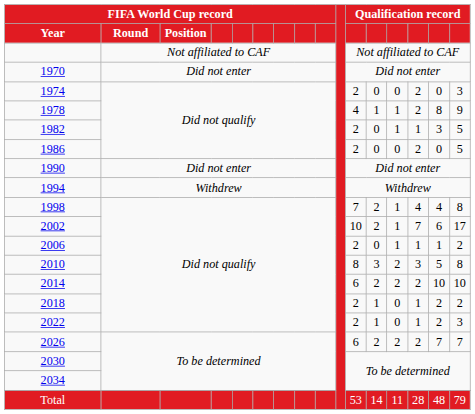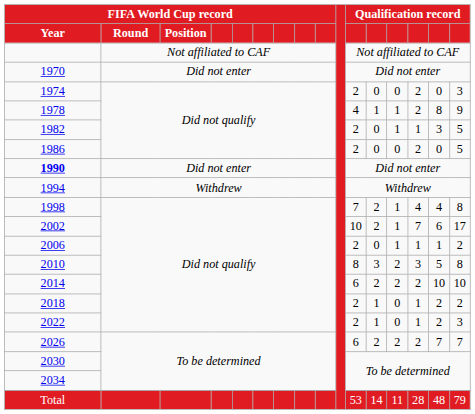 <table class="wikitable" style=text-align:center;">
 <tr style="color:white;">
 <th style="background:#e11b22;" colspan=9>FIFA World Cup record</th>
 <th style="width:2%; background:#e11b22;" rowspan="28"></th>
 <th style="background:#e11b22;" colspan=7>Qualification record</th>
 </tr>
 <tr style="color:white;">
 <th style="width:120px; background:#e11b22;">Year</th>
 <th style="width:70px; background:#e11b22;">Round</th>
 <th style="width:60px; background:#e11b22;">Position</th>
 <th style="width:20px; background:#e11b22;"></th>
 <th style="width:20px; background:#e11b22;"></th>
 <th style="width:20px; background:#e11b22;"></th>
 <th style="width:20px; background:#e11b22;"></th>
 <th style="width:20px; background:#e11b22;"></th>
 <th style="width:20px; background:#e11b22;"></th>
 <th style="width:20px; background:#e11b22;"></th>
 <th style="width:20px; background:#e11b22;"></th>
 <th style="width:20px; background:#e11b22;"></th>
 <th style="width:20px; background:#e11b22;"></th>
 <th style="width:20px; background:#e11b22;"></th>
 <th style="width:20px; background:#e11b22;"></th>
 </tr>
 <tr>
 <td></td>
 <td colspan=8><em>Not affiliated to CAF</em></td>
 <td colspan=6><em>Not affiliated to CAF</em></td>
 </tr>
 <tr>
 <td> <a href='#'>1970</a></td>
 <td colspan=8><em>Did not enter</em></td>
 <td colspan=6><em>Did not enter</em></td>
 </tr>
 <tr>
 <td> <a href='#'>1974</a></td>
 <td rowspan=4 colspan=8><em>Did not qualify</em></td>
 <td>2</td>
 <td>0</td>
 <td>0</td>
 <td>2</td>
 <td>0</td>
 <td>3</td>
 </tr>
 <tr>
 <td> <a href='#'>1978</a></td>
 <td>4</td>
 <td>1</td>
 <td>1</td>
 <td>2</td>
 <td>8</td>
 <td>9</td>
 </tr>
 <tr>
 <td> <a href='#'>1982</a></td>
 <td>2</td>
 <td>0</td>
 <td>1</td>
 <td>1</td>
 <td>3</td>
 <td>5</td>
 </tr>
 <tr>
 <td> <a href='#'>1986</a></td>
 <td>2</td>
 <td>0</td>
 <td>0</td>
 <td>2</td>
 <td>0</td>
 <td>5</td>
 </tr>
 <tr>
-<td> <a href='#'>1990</a></td>
+<td><strong> <a href='#'>1990</a></strong></td>
 <td colspan=8><em>Did not enter</em></td>
 <td colspan=6><em>Did not enter</em></td>
 </tr>
 <tr>
 <td> <a href='#'>1994</a></td>
 <td colspan=8><em>Withdrew</em></td>
 <td colspan=6><em>Withdrew</em></td>
 </tr>
 <tr>
 <td> <a href='#'>1998</a></td>
 <td rowspan=7 colspan=8><em>Did not qualify</em></td>
 <td>7</td>
 <td>2</td>
 <td>1</td>
 <td>4</td>
 <td>4</td>
 <td>8</td>
 </tr>
 <tr>
 <td>  <a href='#'>2002</a></td>
 <td>10</td>
 <td>2</td>
 <td>1</td>
 <td>7</td>
 <td>6</td>
 <td>17</td>
 </tr>
 <tr>
 <td> <a href='#'>2006</a></td>
 <td>2</td>
 <td>0</td>
 <td>1</td>
 <td>1</td>
 <td>1</td>
 <td>2</td>
 </tr>
 <tr>
 <td> <a href='#'>2010</a></td>
 <td>8</td>
 <td>3</td>
 <td>2</td>
 <td>3</td>
 <td>5</td>
 <td>8</td>
 </tr>
 <tr>
 <td> <a href='#'>2014</a></td>
 <td>6</td>
 <td>2</td>
 <td>2</td>
 <td>2</td>
 <td>10</td>
 <td>10</td>
 </tr>
 <tr>
 <td> <a href='#'>2018</a></td>
 <td>2</td>
 <td>1</td>
 <td>0</td>
 <td>1</td>
 <td>2</td>
 <td>2</td>
 </tr>
 <tr>
 <td> <a href='#'>2022</a></td>
 <td>2</td>
 <td>1</td>
 <td>0</td>
 <td>1</td>
 <td>2</td>
 <td>3</td>
 </tr>
 <tr>
 <td>   <a href='#'>2026</a></td>
 <td rowspan=3 colspan=8><em>To be determined</em></td>
 <td>6</td>
 <td>2</td>
 <td>2</td>
 <td>2</td>
 <td>7</td>
 <td>7</td>
 </tr>
 <tr>
 <td>   <a href='#'>2030</a></td>
 <td rowspan=2 colspan=6><em>To be determined</em></td>
 </tr>
 <tr>
 <td> <a href='#'>2034</a></td>
 </tr>
 <tr>
 </tr>
 <tr style="color:white;">
 <td style="background:#e11b22;">Total</td>
 <td style="background:#e11b22;"></td>
 <td style="background:#e11b22;"></td>
 <td style="background:#e11b22;"></td>
 <td style="background:#e11b22;"></td>
 <td style="background:#e11b22;"></td>
 <td style="background:#e11b22;"></td>
 <td style="background:#e11b22;"></td>
 <td style="background:#e11b22;"></td>
 <td style="background:#e11b22;">53</td>
 <td style="background:#e11b22;">14</td>
 <td style="background:#e11b22;">11</td>
 <td style="background:#e11b22;">28</td>
 <td style="background:#e11b22;">48</td>
 <td style="background:#e11b22;">79</td>
 </tr>
 </table>
